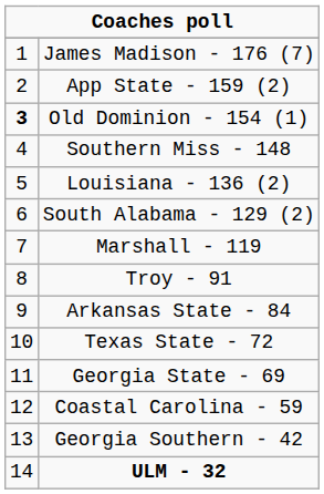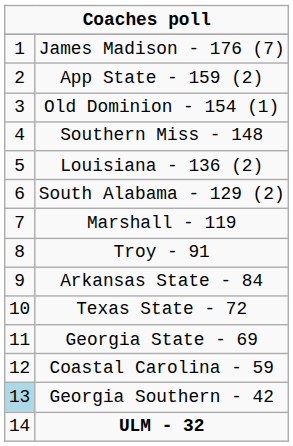 <table class="wikitable" style="display: inline-table;">
 <tr>
 <td align="center" Colspan="3"><strong>Coaches poll</strong></td>
 </tr>
 <tr align="center">
 </tr>
 <tr align="center">
 <td>1</td>
 <td>James Madison - 176 (7)</td>
 </tr>
 <tr align="center">
 <td>2</td>
 <td>App State - 159 (2)</td>
 </tr>
 <tr align="center">
-<td><strong>3</strong></td>
+<td>3</td>
 <td>Old Dominion - 154 (1)</td>
 </tr>
 <tr align="center">
 <td>4</td>
 <td>Southern Miss - 148</td>
 </tr>
 <tr align="center">
 <td>5</td>
 <td>Louisiana - 136 (2)</td>
 </tr>
 <tr align="center">
 <td>6</td>
 <td>South Alabama - 129 (2)</td>
 </tr>
 <tr align="center">
 <td>7</td>
 <td>Marshall - 119</td>
 </tr>
 <tr align="center">
 <td>8</td>
 <td>Troy - 91</td>
 </tr>
 <tr align="center">
 <td>9</td>
 <td>Arkansas State - 84</td>
 </tr>
 <tr align="center">
 <td>10</td>
 <td>Texas State - 72</td>
 </tr>
 <tr align="center">
 <td>11</td>
 <td>Georgia State - 69</td>
 </tr>
 <tr align="center">
 <td>12</td>
 <td>Coastal Carolina - 59</td>
 </tr>
 <tr align="center">
-<td>13</td>
+<td style="background: lightblue;">13</td>
 <td>Georgia Southern - 42</td>
 </tr>
 <tr align="center">
 <td>14</td>
 <td><strong>ULM - 32</strong></td>
 </tr>
 </table>
